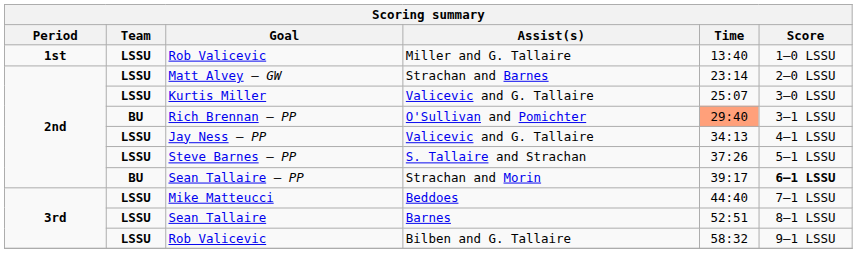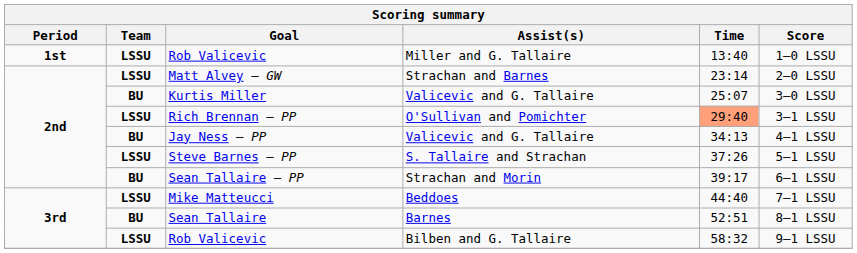 <table style="width:100%;" class="wikitable">
 <tr>
 <th colspan=6>Scoring summary</th>
 </tr>
 <tr>
 <th style="width:12%;">Period</th>
 <th style="width:7%;">Team</th>
 <th style="width:28%;">Goal</th>
 <th style="width:35%;">Assist(s)</th>
 <th style="width:7%;">Time</th>
 <th style="width:11%;">Score</th>
 </tr>
 <tr>
 <td style="text-align:center;" rowspan="1"><strong>1st</strong></td>
 <td align=center><strong>LSSU</strong></td>
 <td><a href='#'>Rob Valicevic</a></td>
 <td>Miller and G. Tallaire</td>
 <td align=center>13:40</td>
 <td align=center>1–0 LSSU</td>
 </tr>
 <tr>
 <td style="text-align:center;" rowspan="6"><strong>2nd</strong></td>
 <td align=center><strong>LSSU</strong></td>
 <td><a href='#'>Matt Alvey</a> – <em>GW</em></td>
 <td>Strachan and <a href='#'>Barnes</a></td>
 <td align=center>23:14</td>
 <td align=center>2–0 LSSU</td>
 </tr>
 <tr>
-<td align=center><strong>LSSU</strong></td>
+<td align=center><strong>BU</strong></td>
 <td><a href='#'>Kurtis Miller</a></td>
 <td><a href='#'>Valicevic</a> and G. Tallaire</td>
 <td align=center>25:07</td>
 <td align=center>3–0 LSSU</td>
 </tr>
 <tr>
-<td align=center><strong>BU</strong></td>
+<td align=center><strong>LSSU</strong></td>
 <td><a href='#'>Rich Brennan</a> – <em>PP</em></td>
 <td><a href='#'>O'Sullivan</a> and <a href='#'>Pomichter</a></td>
 <td align=center style="background: lightsalmon;">29:40</td>
 <td align=center>3–1 LSSU</td>
 </tr>
 <tr>
-<td align=center><strong>LSSU</strong></td>
+<td align=center><strong>BU</strong></td>
 <td><a href='#'>Jay Ness</a> – <em>PP</em></td>
 <td><a href='#'>Valicevic</a> and G. Tallaire</td>
 <td align=center>34:13</td>
 <td align=center>4–1 LSSU</td>
 </tr>
 <tr>
 <td align=center><strong>LSSU</strong></td>
 <td><a href='#'>Steve Barnes</a> – <em>PP</em></td>
 <td><a href='#'>S. Tallaire</a> and Strachan</td>
 <td align=center>37:26</td>
 <td align=center>5–1 LSSU</td>
 </tr>
 <tr>
 <td align=center><strong>BU</strong></td>
 <td><a href='#'>Sean Tallaire</a> – <em>PP</em></td>
 <td>Strachan and <a href='#'>Morin</a></td>
 <td align=center>39:17</td>
-<td align=center><strong>6–1 LSSU</strong></td>
+<td align=center>6–1 LSSU</td>
 </tr>
 <tr>
 <td style="text-align:center;" rowspan="3"><strong>3rd</strong></td>
 <td align=center><strong>LSSU</strong></td>
 <td><a href='#'>Mike Matteucci</a></td>
 <td><a href='#'>Beddoes</a></td>
 <td align=center>44:40</td>
 <td align=center>7–1 LSSU</td>
 </tr>
 <tr>
-<td align=center><strong>LSSU</strong></td>
+<td align=center><strong>BU</strong></td>
 <td><a href='#'>Sean Tallaire</a></td>
 <td><a href='#'>Barnes</a></td>
 <td align=center>52:51</td>
 <td align=center>8–1 LSSU</td>
 </tr>
 <tr>
 <td align=center><strong>LSSU</strong></td>
 <td><a href='#'>Rob Valicevic</a></td>
 <td>Bilben and G. Tallaire</td>
 <td align=center>58:32</td>
 <td align=center>9–1 LSSU</td>
 </tr>
 <tr>
 </tr>
 </table>
